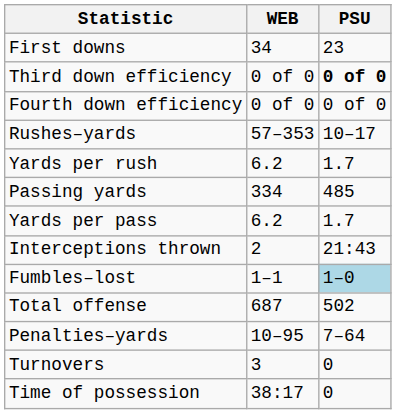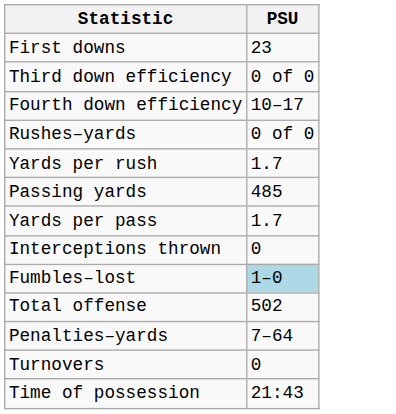 <table class="wikitable">
 <tr>
 <th>Statistic</th>
-<th><strong>WEB</strong></th>
 <th><strong>PSU</strong></th>
 </tr>
 <tr>
 <td>First downs</td>
-<td>34</td>
 <td>23</td>
 </tr>
 <tr>
 <td>Third down efficiency</td>
 <td>0 of 0</td>
-<td><strong>0 of 0</strong></td>
 </tr>
 <tr>
 <td>Fourth down efficiency</td>
-<td>0 of 0</td>
+<td>10–17</td>
+</tr>
+<tr>
+<td>Rushes–yards</td>
 <td>0 of 0</td>
 </tr>
 <tr>
-<td>Rushes–yards</td>
-<td>57–353</td>
-<td>10–17</td>
-</tr>
-<tr>
 <td>Yards per rush</td>
-<td>6.2</td>
 <td>1.7</td>
 </tr>
 <tr>
 <td>Passing yards</td>
-<td>334</td>
 <td>485</td>
 </tr>
 <tr>
 <td>Yards per pass</td>
-<td>6.2</td>
 <td>1.7</td>
 </tr>
 <tr>
 <td>Interceptions thrown</td>
-<td>2</td>
-<td>21:43</td>
+<td>0</td>
 </tr>
 <tr>
 <td>Fumbles–lost</td>
-<td>1–1</td>
 <td style="background: lightblue;">1–0</td>
 </tr>
 <tr>
 <td>Total offense</td>
-<td>687</td>
 <td>502</td>
 </tr>
 <tr>
 <td>Penalties–yards</td>
-<td>10–95</td>
 <td>7–64</td>
 </tr>
 <tr>
 <td>Turnovers</td>
-<td>3</td>
 <td>0</td>
 </tr>
 <tr>
 <td>Time of possession</td>
-<td>38:17</td>
-<td>0</td>
+<td>21:43</td>
 </tr>
 </table>
